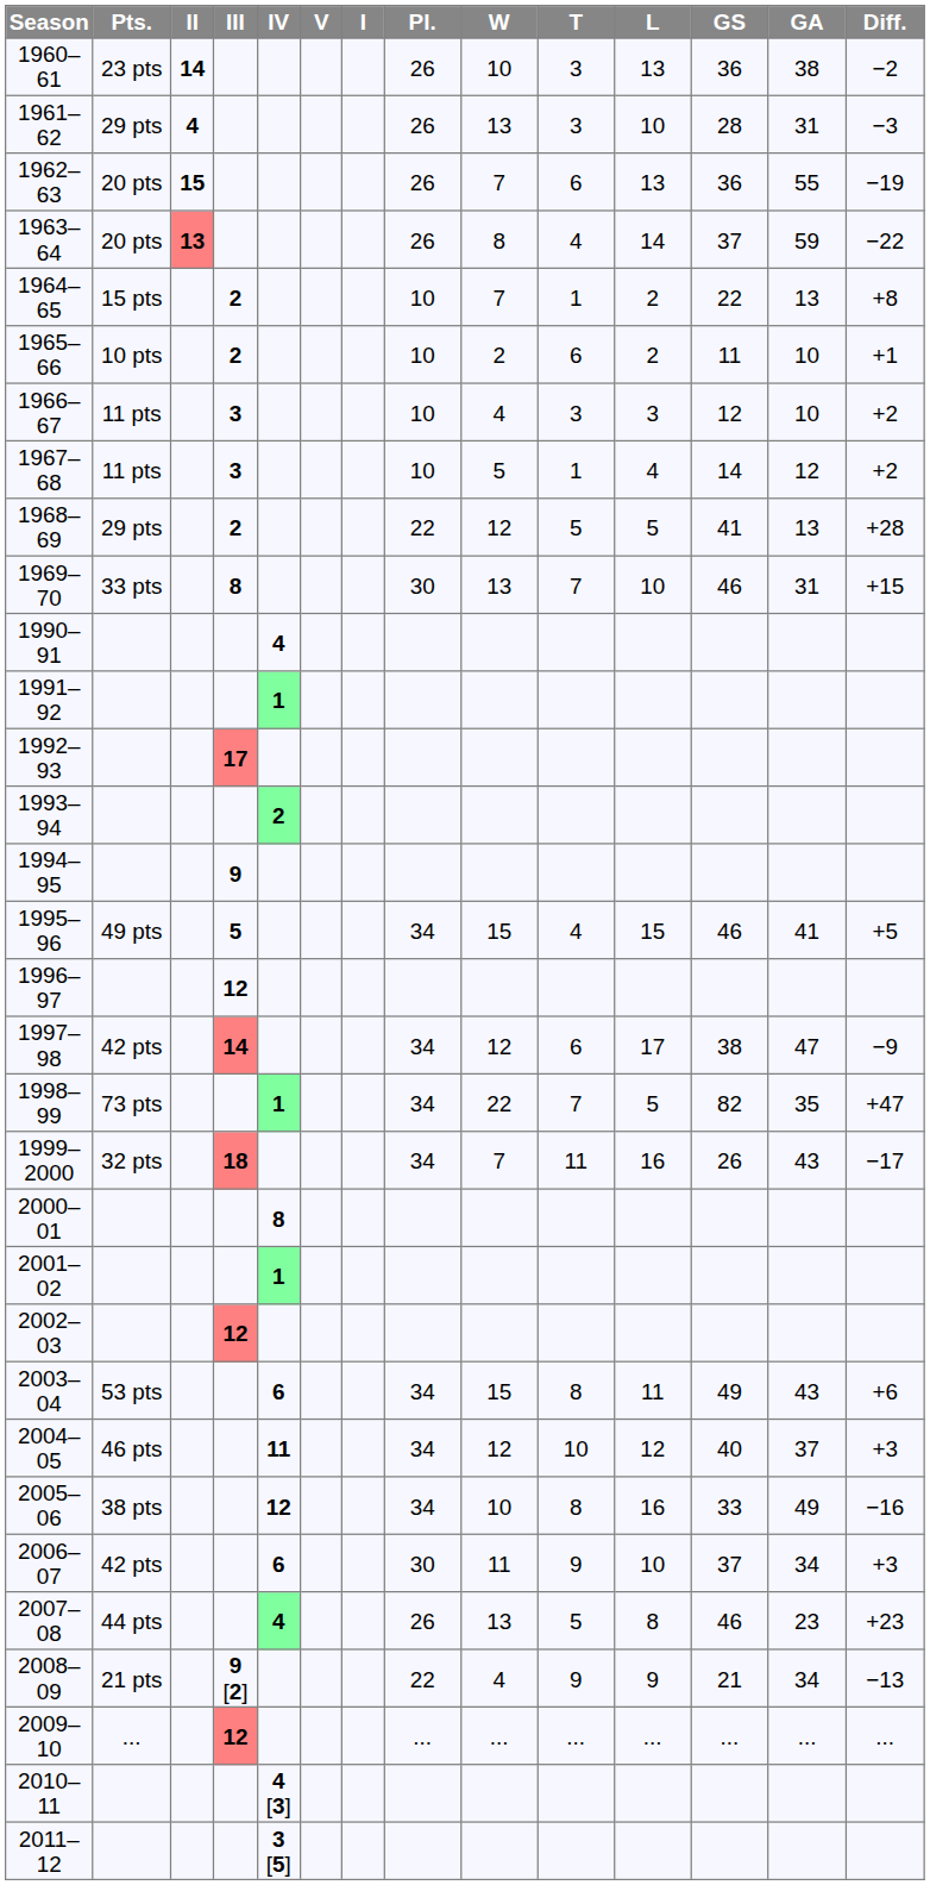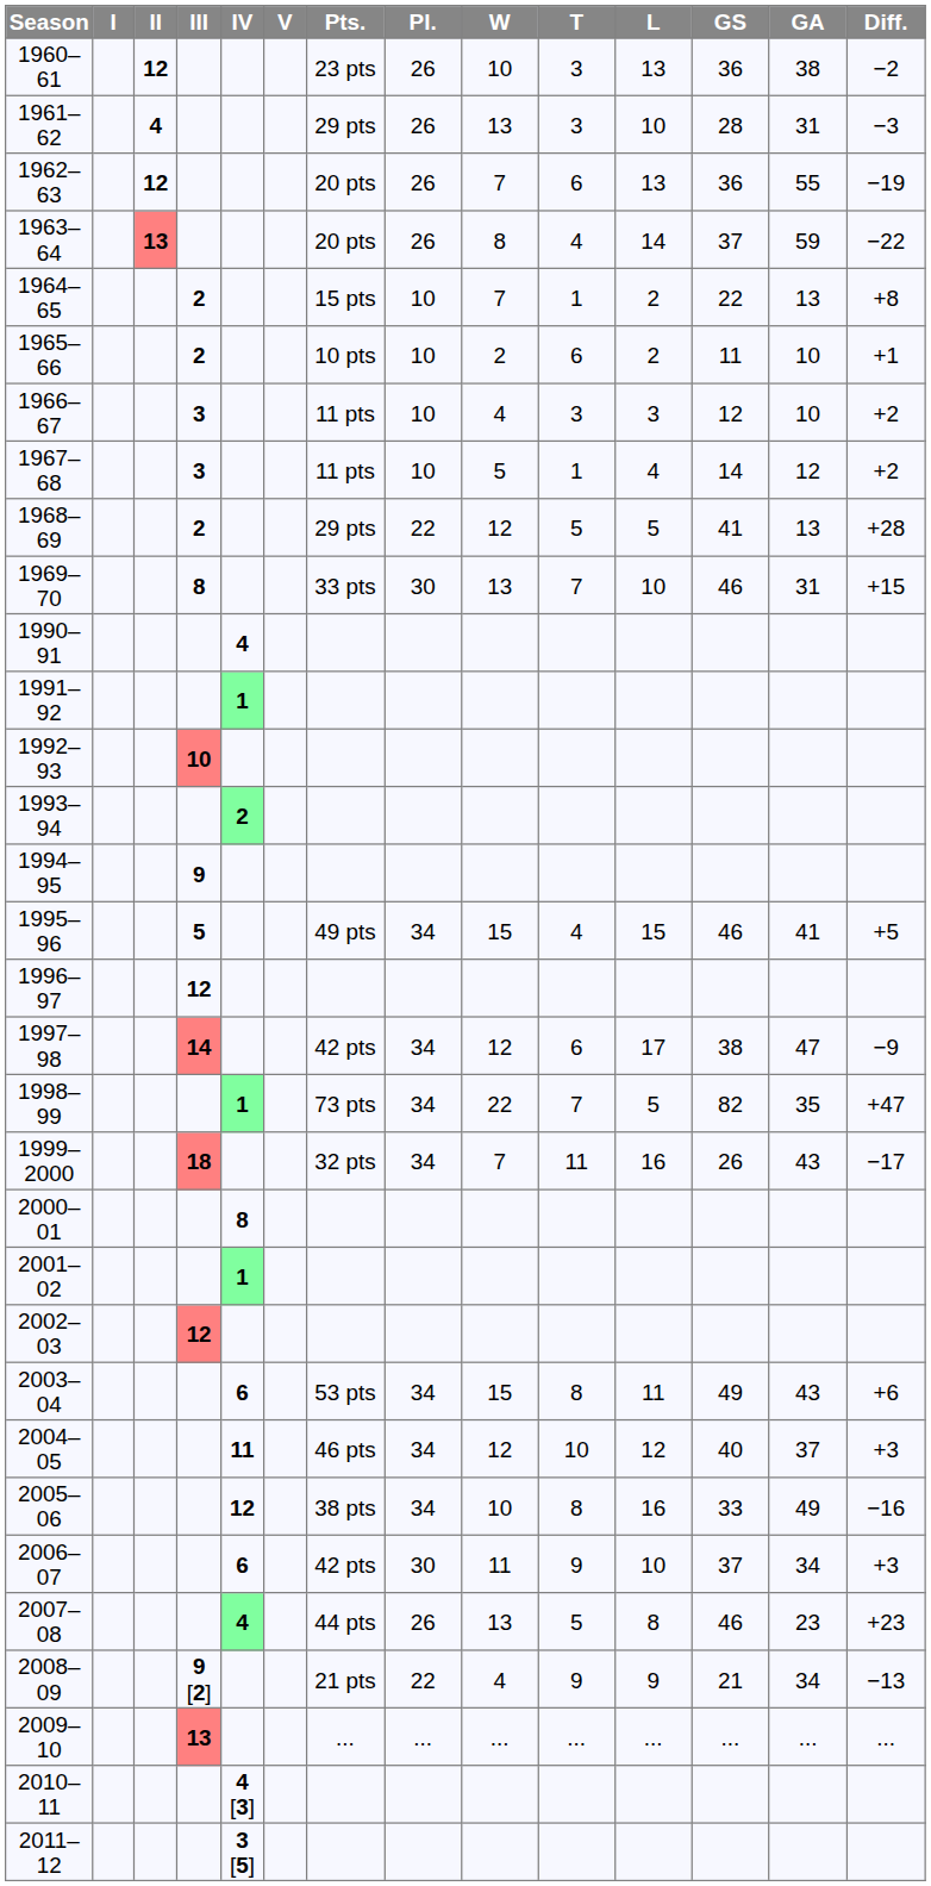 <table bgcolor="#f7f8ff" cellpadding="2" cellspacing="2" border="1" style="font-size: 95%; border: gray solid 1px; border-collapse: collapse; text-align:center">
 <tr bgcolor="#868686" style="color: #ffffff">
 <td width="20" align="center"><strong>Season</strong></td>
-<td width="50" align="center"><strong>Pts.</strong></td>
+<td width="25" align="center"><strong>I</strong></td>
 <td width="25" align="center"><strong>II</strong></td>
 <td width="25" align="center"><strong>III</strong></td>
 <td width="25" align="center"><strong>IV</strong></td>
 <td width="25" align="center"><strong>V</strong></td>
-<td width="25" align="center"><strong>I</strong></td>
+<td width="50" align="center"><strong>Pts.</strong></td>
 <td width="50" align="center"><strong>Pl.</strong></td>
 <td width="50" align="center"><strong>W</strong></td>
 <td width="50" align="center"><strong>T</strong></td>
 <td width="50" align="center"><strong>L</strong></td>
 <td width="50" align="center"><strong>GS</strong></td>
 <td width="50" align="center"><strong>GA</strong></td>
 <td width="50" align="center"><strong>Diff.</strong></td>
 </tr>
 <tr>
 <td>1960–61</td>
-<td>23 pts</td>
-<td><strong>14</strong></td>
+<td></td>
+<td><strong>12</strong></td>
 <td></td>
 <td></td>
 <td></td>
-<td></td>
+<td>23 pts</td>
 <td>26</td>
 <td>10</td>
 <td>3</td>
 <td>13</td>
 <td>36</td>
 <td>38</td>
 <td>−2</td>
 </tr>
 <tr>
 <td>1961–62</td>
-<td>29 pts</td>
+<td></td>
 <td><strong>4</strong></td>
 <td></td>
 <td></td>
 <td></td>
-<td></td>
+<td>29 pts</td>
 <td>26</td>
 <td>13</td>
 <td>3</td>
 <td>10</td>
 <td>28</td>
 <td>31</td>
 <td>−3</td>
 </tr>
 <tr>
 <td>1962–63</td>
-<td>20 pts</td>
-<td><strong>15</strong></td>
+<td></td>
+<td><strong>12</strong></td>
 <td></td>
 <td></td>
 <td></td>
-<td></td>
+<td>20 pts</td>
 <td>26</td>
 <td>7</td>
 <td>6</td>
 <td>13</td>
 <td>36</td>
 <td>55</td>
 <td>−19</td>
 </tr>
 <tr>
 <td>1963–64</td>
-<td>20 pts</td>
+<td></td>
 <td bgcolor="#FF8080"><strong>13</strong></td>
 <td></td>
 <td></td>
 <td></td>
-<td></td>
+<td>20 pts</td>
 <td>26</td>
 <td>8</td>
 <td>4</td>
 <td>14</td>
 <td>37</td>
 <td>59</td>
 <td>−22</td>
 </tr>
 <tr>
 <td>1964–65</td>
-<td>15 pts</td>
+<td></td>
 <td></td>
 <td><strong>2</strong></td>
 <td></td>
 <td></td>
-<td></td>
+<td>15 pts</td>
 <td>10</td>
 <td>7</td>
 <td>1</td>
 <td>2</td>
 <td>22</td>
 <td>13</td>
 <td>+8</td>
 </tr>
 <tr>
 <td>1965–66</td>
-<td>10 pts</td>
+<td></td>
 <td></td>
 <td><strong>2</strong></td>
 <td></td>
 <td></td>
-<td></td>
+<td>10 pts</td>
 <td>10</td>
 <td>2</td>
 <td>6</td>
 <td>2</td>
 <td>11</td>
 <td>10</td>
 <td>+1</td>
 </tr>
 <tr>
 <td>1966–67</td>
-<td>11 pts</td>
+<td></td>
 <td></td>
 <td><strong>3</strong></td>
 <td></td>
 <td></td>
-<td></td>
+<td>11 pts</td>
 <td>10</td>
 <td>4</td>
 <td>3</td>
 <td>3</td>
 <td>12</td>
 <td>10</td>
 <td>+2</td>
 </tr>
 <tr>
 <td>1967–68</td>
-<td>11 pts</td>
+<td></td>
 <td></td>
 <td><strong>3</strong></td>
 <td></td>
 <td></td>
-<td></td>
+<td>11 pts</td>
 <td>10</td>
 <td>5</td>
 <td>1</td>
 <td>4</td>
 <td>14</td>
 <td>12</td>
 <td>+2</td>
 </tr>
 <tr>
 <td>1968–69</td>
-<td>29 pts</td>
+<td></td>
 <td></td>
 <td><strong>2</strong></td>
 <td></td>
 <td></td>
-<td></td>
+<td>29 pts</td>
 <td>22</td>
 <td>12</td>
 <td>5</td>
 <td>5</td>
 <td>41</td>
 <td>13</td>
 <td>+28</td>
 </tr>
 <tr>
 <td>1969–70</td>
-<td>33 pts</td>
+<td></td>
 <td></td>
 <td><strong>8</strong></td>
 <td></td>
 <td></td>
-<td></td>
+<td>33 pts</td>
 <td>30</td>
 <td>13</td>
 <td>7</td>
 <td>10</td>
 <td>46</td>
 <td>31</td>
 <td>+15</td>
 </tr>
 <tr>
 <td>1990–91</td>
 <td></td>
 <td></td>
 <td></td>
 <td><strong>4</strong></td>
 <td></td>
 <td></td>
 <td></td>
 <td></td>
 <td></td>
 <td></td>
 <td></td>
 <td></td>
 <td></td>
 </tr>
 <tr>
 <td>1991–92</td>
 <td></td>
 <td></td>
 <td></td>
 <td bgcolor="#80FF9F"><strong>1</strong></td>
 <td></td>
 <td></td>
 <td></td>
 <td></td>
 <td></td>
 <td></td>
 <td></td>
 <td></td>
 <td></td>
 </tr>
 <tr>
 <td>1992–93</td>
 <td></td>
 <td></td>
-<td bgcolor="#FF8080"><strong>17</strong></td>
+<td bgcolor="#FF8080"><strong>10</strong></td>
 <td></td>
 <td></td>
 <td></td>
 <td></td>
 <td></td>
 <td></td>
 <td></td>
 <td></td>
 <td></td>
 <td></td>
 </tr>
 <tr>
 <td>1993–94</td>
 <td></td>
 <td></td>
 <td></td>
 <td bgcolor="#80FF9F"><strong>2</strong></td>
 <td></td>
 <td></td>
 <td></td>
 <td></td>
 <td></td>
 <td></td>
 <td></td>
 <td></td>
 <td></td>
 </tr>
 <tr>
 <td>1994–95</td>
 <td></td>
 <td></td>
 <td><strong>9</strong></td>
 <td></td>
 <td></td>
 <td></td>
 <td></td>
 <td></td>
 <td></td>
 <td></td>
 <td></td>
 <td></td>
 <td></td>
 </tr>
 <tr>
 <td>1995–96</td>
-<td>49 pts</td>
+<td></td>
 <td></td>
 <td><strong>5</strong></td>
 <td></td>
 <td></td>
-<td></td>
+<td>49 pts</td>
 <td>34</td>
 <td>15</td>
 <td>4</td>
 <td>15</td>
 <td>46</td>
 <td>41</td>
 <td>+5</td>
 </tr>
 <tr>
 <td>1996–97</td>
 <td></td>
 <td></td>
 <td><strong>12</strong></td>
 <td></td>
 <td></td>
 <td></td>
 <td></td>
 <td></td>
 <td></td>
 <td></td>
 <td></td>
 <td></td>
 <td></td>
 </tr>
 <tr>
 <td>1997–98</td>
-<td>42 pts</td>
+<td></td>
 <td></td>
 <td bgcolor="#FF8080"><strong>14</strong></td>
 <td></td>
 <td></td>
-<td></td>
+<td>42 pts</td>
 <td>34</td>
 <td>12</td>
 <td>6</td>
 <td>17</td>
 <td>38</td>
 <td>47</td>
 <td>−9</td>
 </tr>
 <tr>
 <td>1998–99</td>
-<td>73 pts</td>
+<td></td>
 <td></td>
 <td></td>
 <td bgcolor="#80FF9F"><strong>1</strong></td>
 <td></td>
-<td></td>
+<td>73 pts</td>
 <td>34</td>
 <td>22</td>
 <td>7</td>
 <td>5</td>
 <td>82</td>
 <td>35</td>
 <td>+47</td>
 </tr>
 <tr>
 <td>1999–2000</td>
-<td>32 pts</td>
+<td></td>
 <td></td>
 <td bgcolor="#FF8080"><strong>18</strong></td>
 <td></td>
 <td></td>
-<td></td>
+<td>32 pts</td>
 <td>34</td>
 <td>7</td>
 <td>11</td>
 <td>16</td>
 <td>26</td>
 <td>43</td>
 <td>−17</td>
 </tr>
 <tr>
 <td>2000–01</td>
 <td></td>
 <td></td>
 <td></td>
 <td><strong>8</strong></td>
 <td></td>
 <td></td>
 <td></td>
 <td></td>
 <td></td>
 <td></td>
 <td></td>
 <td></td>
 <td></td>
 </tr>
 <tr>
 <td>2001–02</td>
 <td></td>
 <td></td>
 <td></td>
 <td bgcolor="#80FF9F"><strong>1</strong></td>
 <td></td>
 <td></td>
 <td></td>
 <td></td>
 <td></td>
 <td></td>
 <td></td>
 <td></td>
 <td></td>
 </tr>
 <tr>
 <td>2002–03</td>
 <td></td>
 <td></td>
 <td bgcolor="#FF8080"><strong>12</strong></td>
 <td></td>
 <td></td>
 <td></td>
 <td></td>
 <td></td>
 <td></td>
 <td></td>
 <td></td>
 <td></td>
 <td></td>
 </tr>
 <tr>
 <td>2003–04</td>
-<td>53 pts</td>
+<td></td>
 <td></td>
 <td></td>
 <td><strong>6</strong></td>
 <td></td>
-<td></td>
+<td>53 pts</td>
 <td>34</td>
 <td>15</td>
 <td>8</td>
 <td>11</td>
 <td>49</td>
 <td>43</td>
 <td>+6</td>
 </tr>
 <tr>
 <td>2004–05</td>
-<td>46 pts</td>
+<td></td>
 <td></td>
 <td></td>
 <td><strong>11</strong></td>
 <td></td>
-<td></td>
+<td>46 pts</td>
 <td>34</td>
 <td>12</td>
 <td>10</td>
 <td>12</td>
 <td>40</td>
 <td>37</td>
 <td>+3</td>
 </tr>
 <tr>
 <td>2005–06</td>
-<td>38 pts</td>
+<td></td>
 <td></td>
 <td></td>
 <td><strong>12</strong></td>
 <td></td>
-<td></td>
+<td>38 pts</td>
 <td>34</td>
 <td>10</td>
 <td>8</td>
 <td>16</td>
 <td>33</td>
 <td>49</td>
 <td>−16</td>
 </tr>
 <tr>
 <td>2006–07</td>
-<td>42 pts</td>
+<td></td>
 <td></td>
 <td></td>
 <td><strong>6</strong></td>
 <td></td>
-<td></td>
+<td>42 pts</td>
 <td>30</td>
 <td>11</td>
 <td>9</td>
 <td>10</td>
 <td>37</td>
 <td>34</td>
 <td>+3</td>
 </tr>
 <tr>
 <td>2007–08</td>
-<td>44 pts</td>
+<td></td>
 <td></td>
 <td></td>
 <td bgcolor="#80FF9F"><strong>4</strong></td>
 <td></td>
-<td></td>
+<td>44 pts</td>
 <td>26</td>
 <td>13</td>
 <td>5</td>
 <td>8</td>
 <td>46</td>
 <td>23</td>
 <td>+23</td>
 </tr>
 <tr>
 <td>2008–09</td>
-<td>21 pts</td>
+<td></td>
 <td></td>
 <td><strong>9</strong> [<strong>2</strong>]</td>
 <td></td>
 <td></td>
-<td></td>
+<td>21 pts</td>
 <td>22</td>
 <td>4</td>
 <td>9</td>
 <td>9</td>
 <td>21</td>
 <td>34</td>
 <td>−13</td>
 </tr>
 <tr>
 <td>2009–10</td>
-<td>...</td>
-<td></td>
-<td bgcolor="#FF8080"><strong>12</strong></td>
 <td></td>
 <td></td>
+<td bgcolor="#FF8080"><strong>13</strong></td>
 <td></td>
+<td></td>
+<td>...</td>
 <td>...</td>
 <td>...</td>
 <td>...</td>
 <td>...</td>
 <td>...</td>
 <td>...</td>
 <td>...</td>
 </tr>
 <tr>
 <td>2010–11</td>
 <td></td>
 <td></td>
 <td></td>
 <td><strong>4</strong> [<strong>3</strong>]</td>
 <td></td>
 <td></td>
 <td></td>
 <td></td>
 <td></td>
 <td></td>
 <td></td>
 <td></td>
 <td></td>
 </tr>
 <tr>
 <td>2011–12</td>
 <td></td>
 <td></td>
 <td></td>
 <td><strong>3</strong> [<strong>5</strong>]</td>
 <td></td>
 <td></td>
 <td></td>
 <td></td>
 <td></td>
 <td></td>
 <td></td>
 <td></td>
 <td></td>
 </tr>
 </table>
